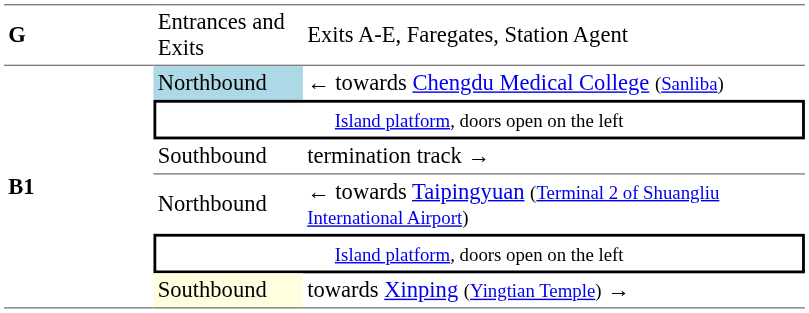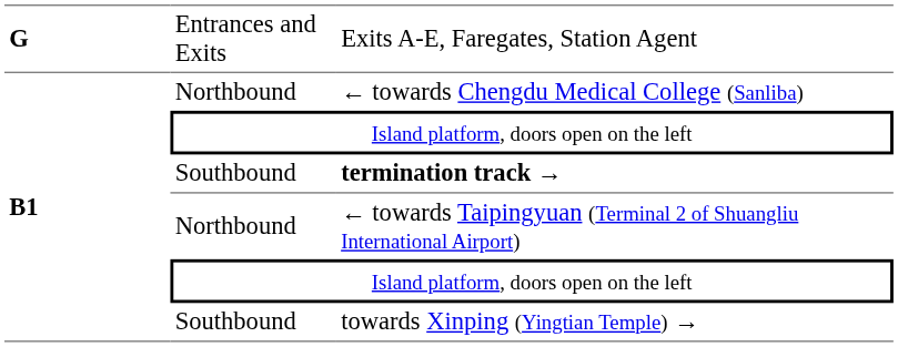 <table cellspacing=0 cellpadding=3>
 <tr>
 <td style="border-top:solid 1px gray;border-bottom:solid 1px gray;" width=100><strong>G</strong></td>
 <td style="border-top:solid 1px gray;border-bottom:solid 1px gray;" width=100>Entrances and Exits</td>
 <td style="border-top:solid 1px gray;border-bottom:solid 1px gray;" width=350>Exits A-E, Faregates, Station Agent</td>
 </tr>
 <tr>
 <td style="border-bottom:solid 1px gray;" rowspan=6><strong>B1</strong></td>
-<td style="background: lightblue;">Northbound</td>
+<td>Northbound</td>
 <td>←  towards <a href='#'>Chengdu Medical College</a> <small>(<a href='#'>Sanliba</a>)</small></td>
 </tr>
 <tr>
 <td style="border-right:solid 2px black;border-left:solid 2px black;border-top:solid 2px black;border-bottom:solid 2px black;text-align:center;" colspan=2><small><a href='#'>Island platform</a>, doors open on the left</small></td>
 </tr>
 <tr>
 <td style="border-bottom:solid 1px gray;">Southbound</td>
-<td style="border-bottom:solid 1px gray;">  termination track →</td>
+<td style="border-bottom:solid 1px gray;"><strong>  termination track →</strong></td>
 </tr>
 <tr>
 <td>Northbound</td>
 <td>←  towards <a href='#'>Taipingyuan</a> <small>(<a href='#'>Terminal 2 of Shuangliu International Airport</a>)</small></td>
 </tr>
 <tr>
 <td style="border-right:solid 2px black;border-left:solid 2px black;border-top:solid 2px black;border-bottom:solid 2px black;text-align:center;" colspan=2><small><a href='#'>Island platform</a>, doors open on the left</small></td>
 </tr>
 <tr>
-<td style="background: lightyellow; border-bottom:solid 1px gray;">Southbound</td>
+<td style="border-bottom:solid 1px gray;">Southbound</td>
 <td style="border-bottom:solid 1px gray;">  towards <a href='#'>Xinping</a> <small>(<a href='#'>Yingtian Temple</a>)</small> →</td>
 </tr>
 </table>
